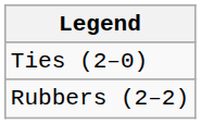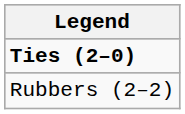 <table class=wikitable>
 <tr>
 <th>Legend</th>
 </tr>
 <tr>
-<td>Ties (2–0)</td>
+<td><strong>Ties (2–0)</strong></td>
 </tr>
 <tr>
 <td>Rubbers (2–2)</td>
 </tr>
 </table>
